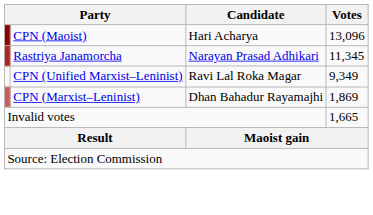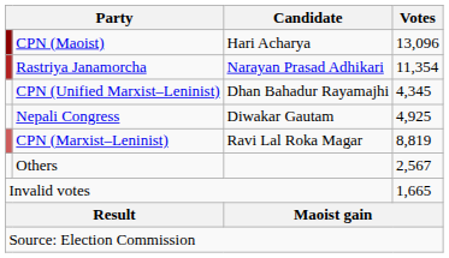 <table class="wikitable">
 <tr>
 <th colspan="2">Party</th>
 <th>Candidate</th>
 <th>Votes</th>
 </tr>
 <tr>
 <td style="background-color:darkred"></td>
 <td><a href='#'>CPN (Maoist)</a></td>
 <td>Hari Acharya</td>
 <td>13,096</td>
 </tr>
 <tr>
 <td style="background-color:firebrick"></td>
 <td><a href='#'>Rastriya Janamorcha</a></td>
 <td><a href='#'>Narayan Prasad Adhikari</a></td>
-<td>11,345</td>
+<td>11,354</td>
 </tr>
 <tr>
 <td style="background-color:"></td>
 <td><a href='#'>CPN (Unified Marxist–Leninist)</a></td>
-<td>Ravi Lal Roka Magar</td>
-<td>9,349</td>
+<td>Dhan Bahadur Rayamajhi</td>
+<td>4,345</td>
+</tr>
+<tr>
+<td style="background-color:"></td>
+<td><a href='#'>Nepali Congress</a></td>
+<td>Diwakar Gautam</td>
+<td>4,925</td>
 </tr>
 <tr>
 <td style="background-color:indianred"></td>
 <td><a href='#'>CPN (Marxist–Leninist)</a></td>
-<td>Dhan Bahadur Rayamajhi</td>
-<td>1,869</td>
+<td>Ravi Lal Roka Magar</td>
+<td>8,819</td>
+</tr>
+<tr>
+<td></td>
+<td>Others</td>
+<td></td>
+<td>2,567</td>
 </tr>
 <tr>
 <td colspan="3">Invalid votes</td>
 <td>1,665</td>
 </tr>
 <tr>
 <th colspan="2">Result</th>
 <th colspan="2">Maoist gain</th>
 </tr>
 <tr>
 <td colspan="4">Source: Election Commission</td>
 </tr>
 </table>
